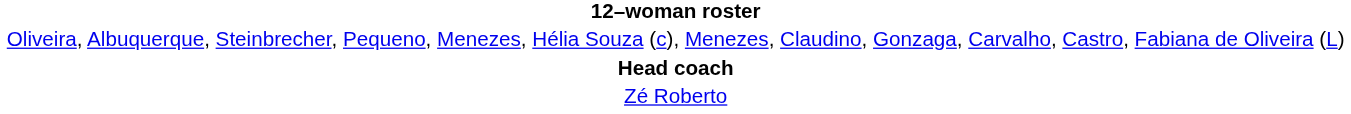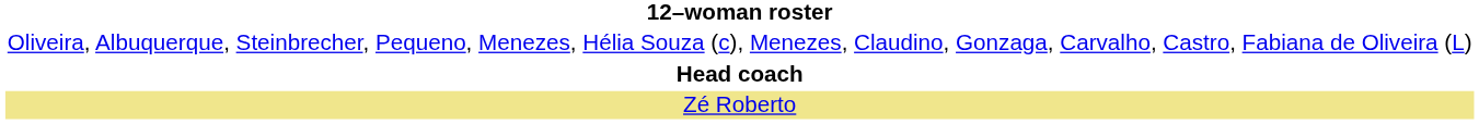 <table style="text-align:center; margin-top:2em; margin-left:auto; margin-right:auto">
 <tr>
 <td><strong>12–woman roster</strong></td>
 </tr>
 <tr>
 <td><a href='#'>Oliveira</a>, <a href='#'>Albuquerque</a>, <a href='#'>Steinbrecher</a>, <a href='#'>Pequeno</a>, <a href='#'>Menezes</a>, <a href='#'>Hélia Souza</a> (<a href='#'>c</a>), <a href='#'>Menezes</a>, <a href='#'>Claudino</a>, <a href='#'>Gonzaga</a>, <a href='#'>Carvalho</a>, <a href='#'>Castro</a>, <a href='#'>Fabiana de Oliveira</a> (<a href='#'>L</a>)</td>
 </tr>
 <tr>
 <td><strong>Head coach</strong></td>
 </tr>
 <tr>
-<td><a href='#'>Zé Roberto</a></td>
+<td style="background: khaki;"><a href='#'>Zé Roberto</a></td>
 </tr>
 </table>
